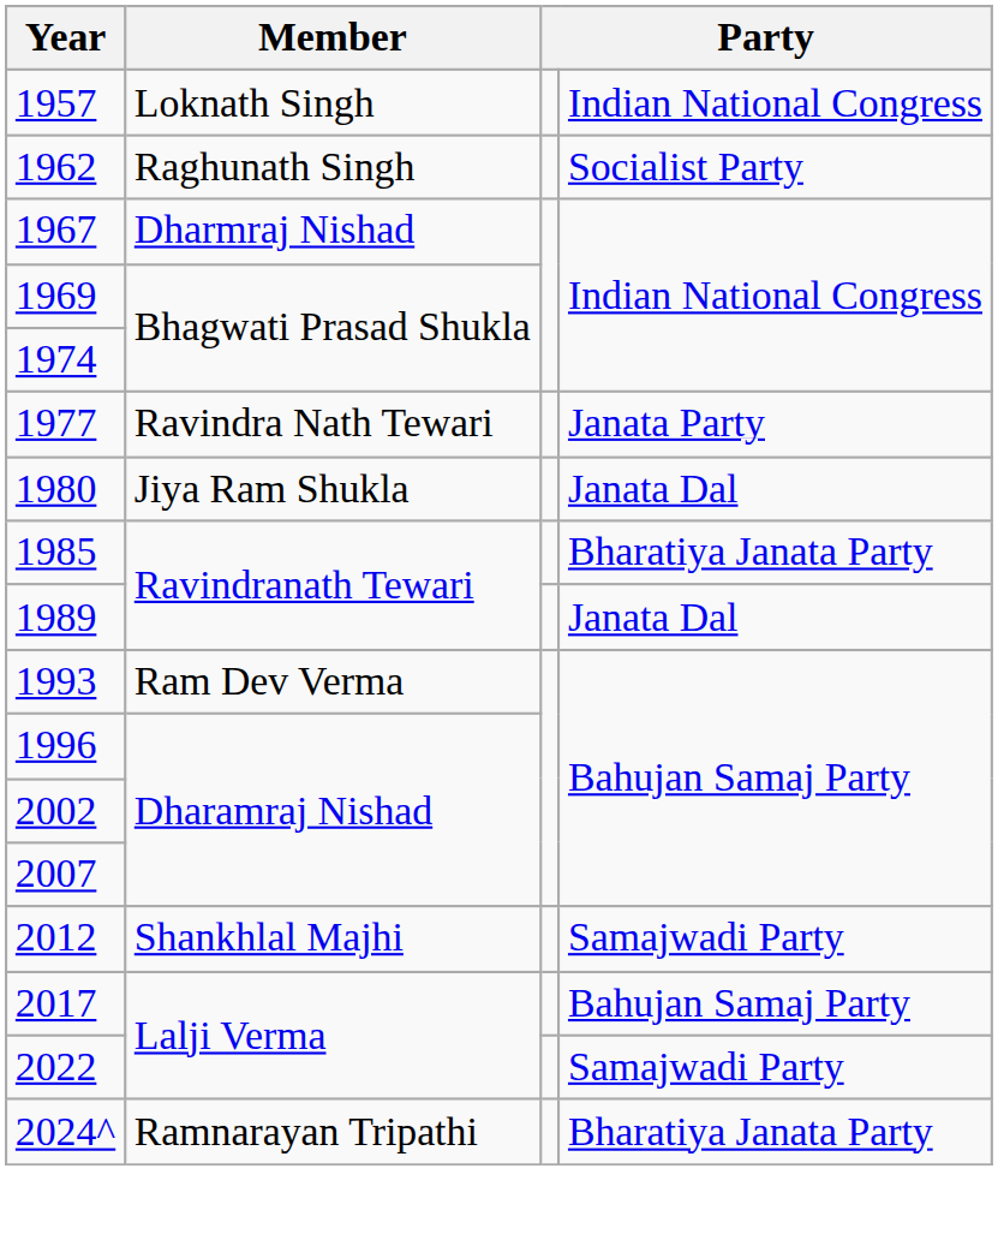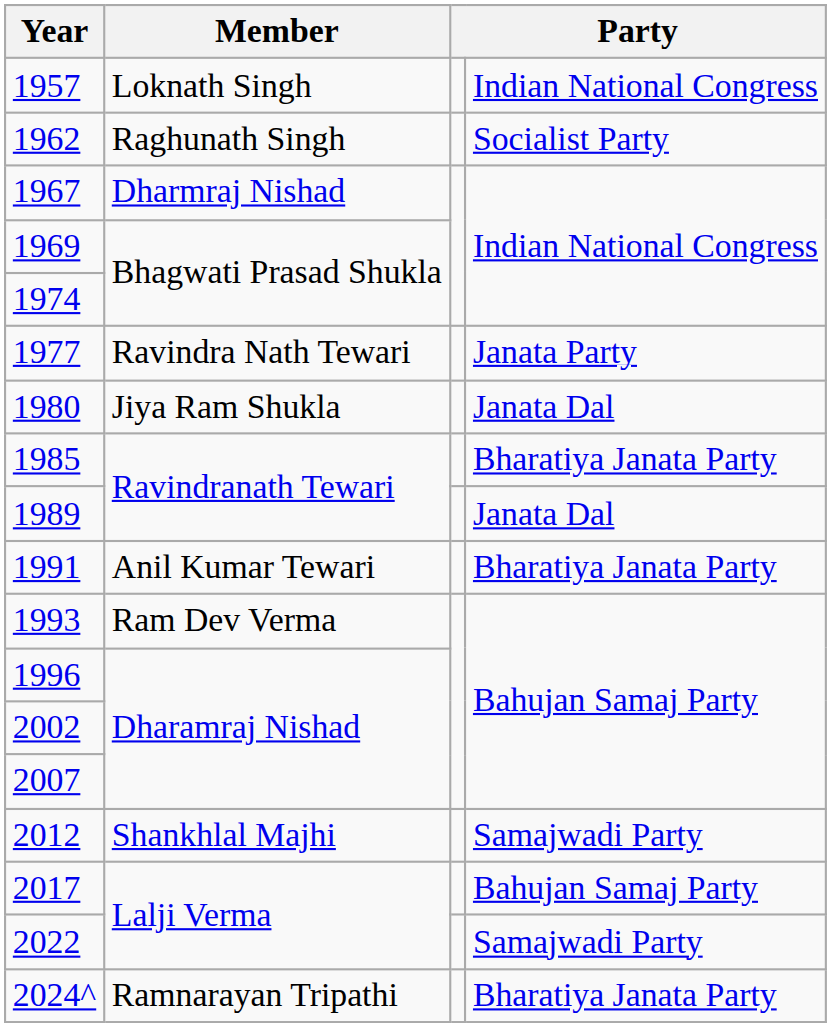 <table class="wikitable">
 <tr>
 <th>Year</th>
 <th>Member</th>
 <th colspan="2">Party</th>
 </tr>
 <tr>
 <td><a href='#'>1957</a></td>
 <td>Loknath Singh</td>
 <td style="background-color: "></td>
 <td><a href='#'>Indian National Congress</a></td>
 </tr>
 <tr>
 <td><a href='#'>1962</a></td>
 <td>Raghunath Singh</td>
 <td style="background-color: "></td>
 <td><a href='#'>Socialist Party</a></td>
 </tr>
 <tr>
 <td><a href='#'>1967</a></td>
 <td><a href='#'>Dharmraj Nishad</a></td>
 <td rowspan="3" style="background-color: "></td>
 <td rowspan="3"><a href='#'>Indian National Congress</a></td>
 </tr>
 <tr>
 <td><a href='#'>1969</a></td>
 <td rowspan="2">Bhagwati Prasad Shukla</td>
 </tr>
 <tr>
 <td><a href='#'>1974</a></td>
 </tr>
 <tr>
 <td><a href='#'>1977</a></td>
 <td>Ravindra Nath Tewari</td>
 <td style="background-color: "></td>
 <td><a href='#'>Janata Party</a></td>
 </tr>
 <tr>
 <td><a href='#'>1980</a></td>
 <td>Jiya Ram Shukla</td>
 <td style="background-color: "></td>
 <td><a href='#'>Janata Dal</a></td>
 </tr>
 <tr>
 <td><a href='#'>1985</a></td>
 <td rowspan="2"><a href='#'>Ravindranath Tewari</a></td>
 <td style="background-color: "></td>
 <td><a href='#'>Bharatiya Janata Party</a></td>
 </tr>
 <tr>
 <td><a href='#'>1989</a></td>
 <td style="background-color: "></td>
 <td><a href='#'>Janata Dal</a></td>
 </tr>
 <tr>
+<td><a href='#'>1991</a></td>
+<td>Anil Kumar Tewari</td>
+<td style="background-color: "></td>
+<td><a href='#'>Bharatiya Janata Party</a></td>
+</tr>
+<tr>
 <td><a href='#'>1993</a></td>
 <td>Ram Dev Verma</td>
 <td rowspan="4" style="background-color: "></td>
 <td rowspan="4"><a href='#'>Bahujan Samaj Party</a></td>
 </tr>
 <tr>
 <td><a href='#'>1996</a></td>
 <td rowspan="3"><a href='#'>Dharamraj Nishad</a></td>
 </tr>
 <tr>
 <td><a href='#'>2002</a></td>
 </tr>
 <tr>
 <td><a href='#'>2007</a></td>
 </tr>
 <tr>
 <td><a href='#'>2012</a></td>
 <td><a href='#'>Shankhlal Majhi</a></td>
 <td style="background-color: "></td>
 <td><a href='#'>Samajwadi Party</a></td>
 </tr>
 <tr>
 <td><a href='#'>2017</a></td>
 <td rowspan="2"><a href='#'>Lalji Verma</a></td>
 <td style="background-color: "></td>
 <td><a href='#'>Bahujan Samaj Party</a></td>
 </tr>
 <tr>
 <td><a href='#'>2022</a></td>
 <td style="background-color: "></td>
 <td><a href='#'>Samajwadi Party</a></td>
 </tr>
 <tr>
 <td><a href='#'>2024^</a></td>
 <td>Ramnarayan Tripathi</td>
 <td style="background-color: "></td>
 <td><a href='#'>Bharatiya Janata Party</a></td>
 </tr>
 </table>
